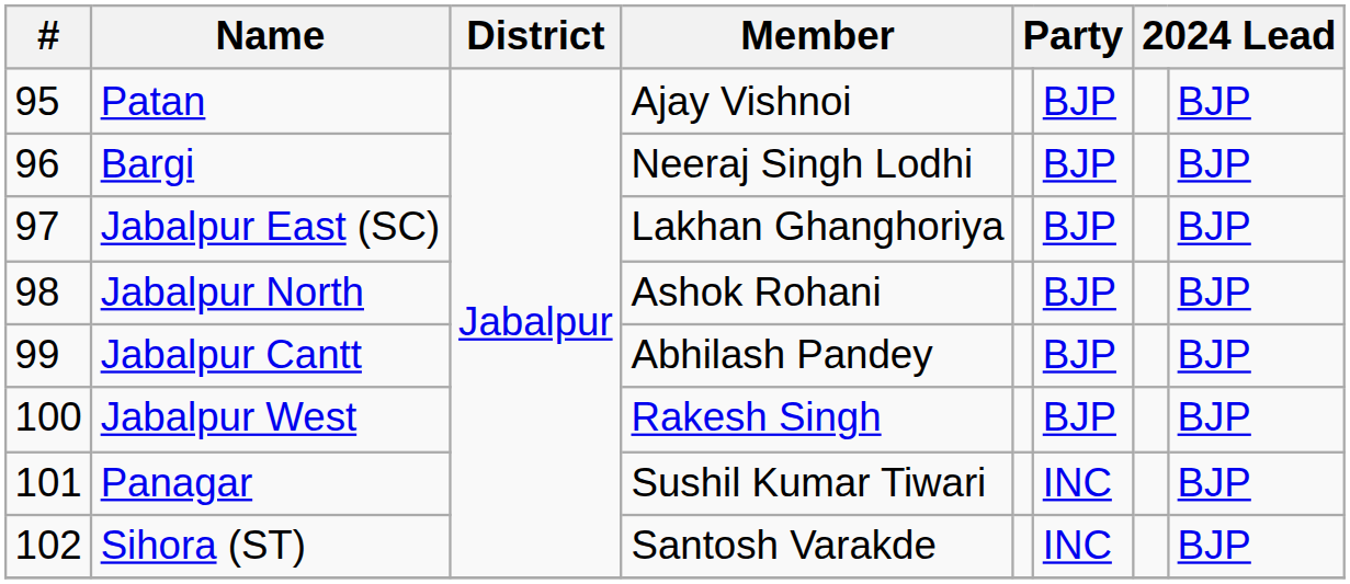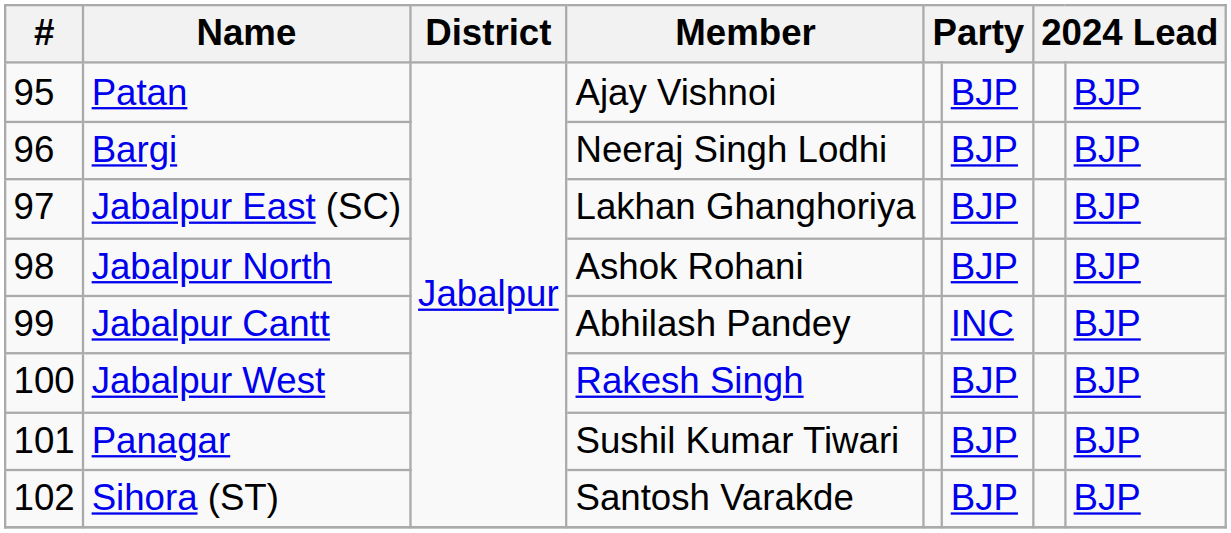 <table class="wikitable">
 <tr>
 <th>#</th>
 <th>Name</th>
 <th>District</th>
 <th>Member</th>
 <th colspan="2">Party</th>
 <th colspan="2">2024 Lead</th>
 </tr>
 <tr>
 <td>95</td>
 <td><a href='#'>Patan</a></td>
 <td rowspan="8"><a href='#'>Jabalpur</a></td>
 <td>Ajay Vishnoi</td>
 <td style="background-color: "></td>
 <td><a href='#'>BJP</a></td>
 <td style="background-color: "></td>
 <td><a href='#'>BJP</a></td>
 </tr>
 <tr>
 <td>96</td>
 <td><a href='#'>Bargi</a></td>
 <td>Neeraj Singh Lodhi</td>
 <td style="background-color: "></td>
 <td><a href='#'>BJP</a></td>
 <td style="background-color: "></td>
 <td><a href='#'>BJP</a></td>
 </tr>
 <tr>
 <td>97</td>
 <td><a href='#'>Jabalpur East</a> (SC)</td>
 <td>Lakhan Ghanghoriya</td>
 <td style="background-color: "></td>
 <td><a href='#'>BJP</a></td>
 <td style="background-color: "></td>
 <td><a href='#'>BJP</a></td>
 </tr>
 <tr>
 <td>98</td>
 <td><a href='#'>Jabalpur North</a></td>
 <td>Ashok Rohani</td>
 <td style="background-color: "></td>
 <td><a href='#'>BJP</a></td>
 <td style="background-color: "></td>
 <td><a href='#'>BJP</a></td>
 </tr>
 <tr>
 <td>99</td>
 <td><a href='#'>Jabalpur Cantt</a></td>
 <td>Abhilash Pandey</td>
 <td style="background-color: "></td>
-<td><a href='#'>BJP</a></td>
+<td><a href='#'>INC</a></td>
 <td style="background-color: "></td>
 <td><a href='#'>BJP</a></td>
 </tr>
 <tr>
 <td>100</td>
 <td><a href='#'>Jabalpur West</a></td>
 <td><a href='#'>Rakesh Singh</a></td>
 <td style="background-color: "></td>
 <td><a href='#'>BJP</a></td>
 <td style="background-color: "></td>
 <td><a href='#'>BJP</a></td>
 </tr>
 <tr>
 <td>101</td>
 <td><a href='#'>Panagar</a></td>
 <td>Sushil Kumar Tiwari</td>
 <td style="background-color: "></td>
-<td><a href='#'>INC</a></td>
+<td><a href='#'>BJP</a></td>
 <td style="background-color: "></td>
 <td><a href='#'>BJP</a></td>
 </tr>
 <tr>
 <td>102</td>
 <td><a href='#'>Sihora</a> (ST)</td>
 <td>Santosh Varakde</td>
 <td style="background-color: "></td>
-<td><a href='#'>INC</a></td>
+<td><a href='#'>BJP</a></td>
 <td style="background-color: "></td>
 <td><a href='#'>BJP</a></td>
 </tr>
 <tr>
 </tr>
 </table>
